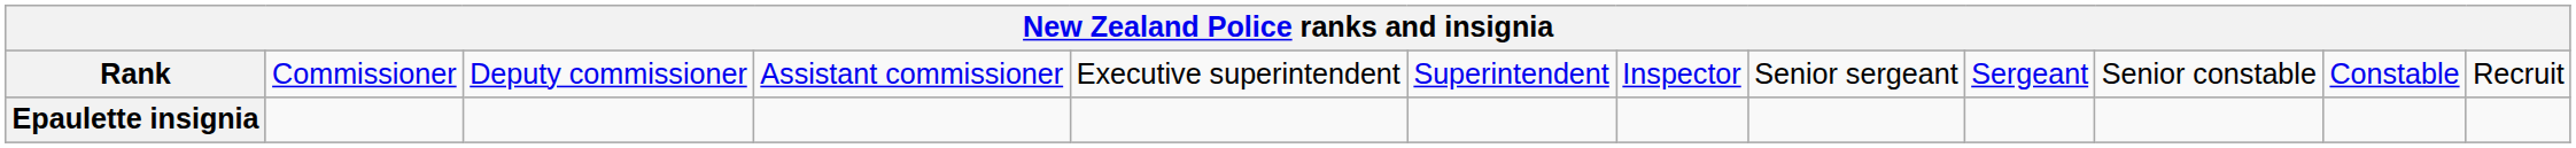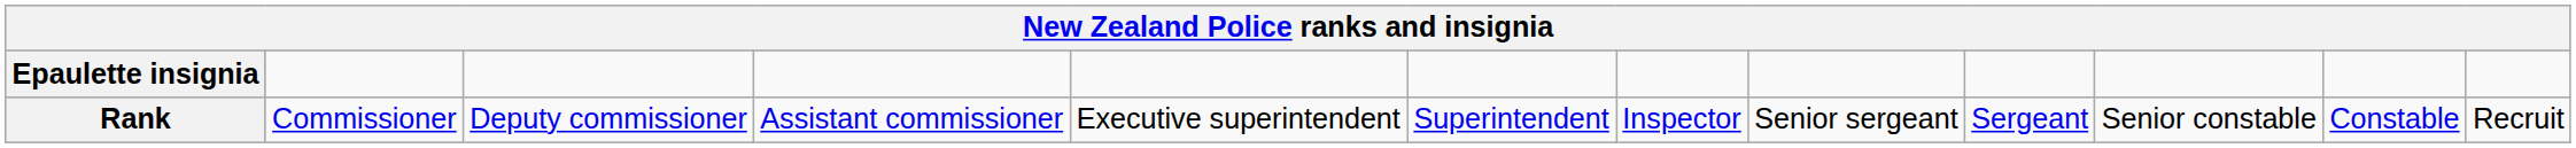 <table class="wikitable" style="text-align: center;">
 <tr>
 <th colspan=12><a href='#'>New Zealand Police</a> ranks and insignia</th>
+</tr>
+<tr>
+<th>Epaulette insignia</th>
+<td></td>
+<td></td>
+<td></td>
+<td></td>
+<td></td>
+<td></td>
+<td></td>
+<td></td>
+<td></td>
+<td></td>
+<td></td>
 </tr>
 <tr>
 <th>Rank</th>
 <td><a href='#'>Commissioner</a></td>
 <td><a href='#'>Deputy commissioner</a></td>
 <td><a href='#'>Assistant commissioner</a></td>
 <td>Executive superintendent</td>
 <td><a href='#'>Superintendent</a></td>
 <td><a href='#'>Inspector</a></td>
 <td>Senior sergeant</td>
 <td><a href='#'>Sergeant</a></td>
 <td>Senior constable</td>
 <td><a href='#'>Constable</a></td>
 <td>Recruit</td>
 </tr>
-<tr>
-<th>Epaulette insignia</th>
-<td></td>
-<td></td>
-<td></td>
-<td></td>
-<td></td>
-<td></td>
-<td></td>
-<td></td>
-<td></td>
-<td></td>
-<td></td>
-</tr>
 </table>
